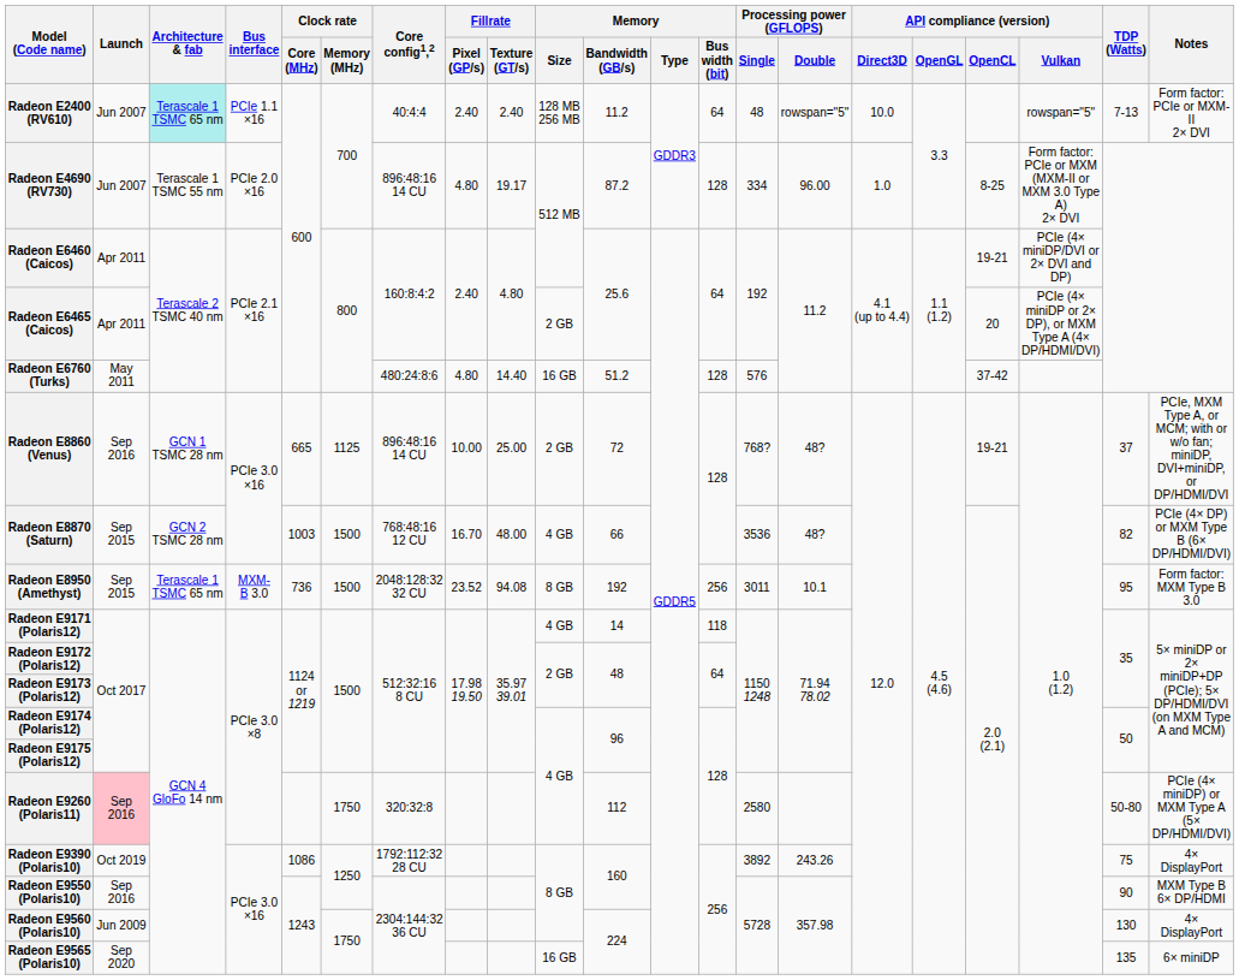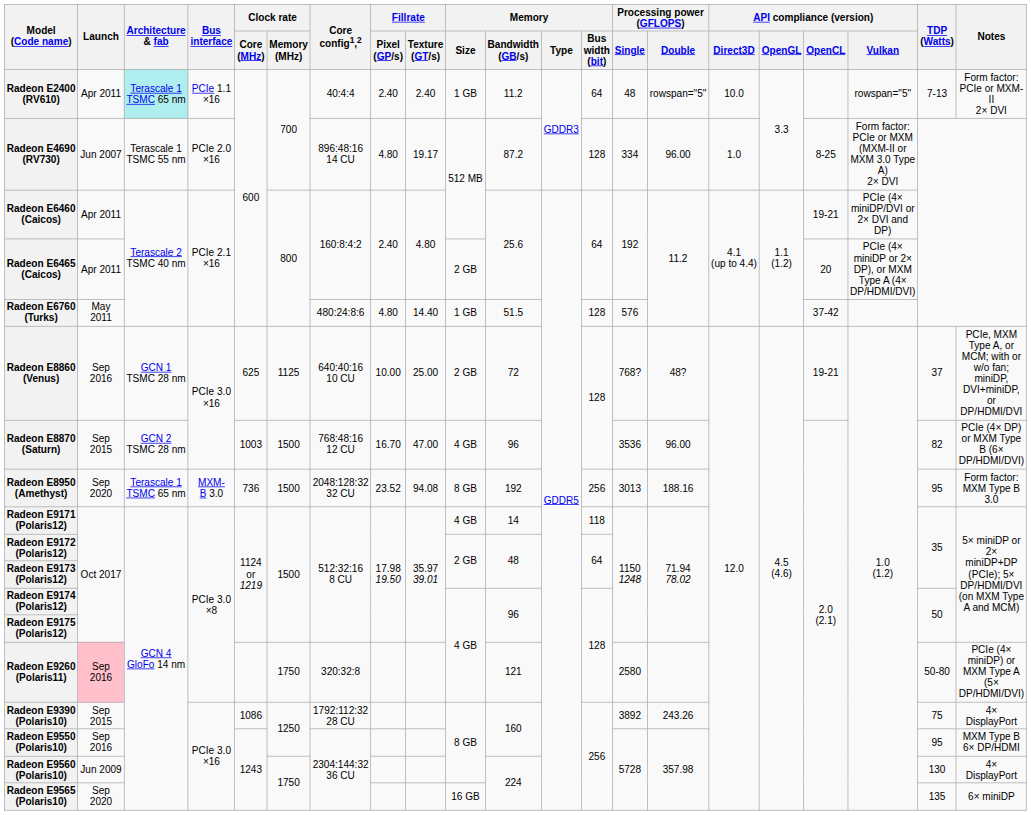 <table class="mw-datatable wikitable sortable sort-under" style="font-size: 85%; text-align:center;">
 <tr>
 <th rowspan="2" style="width:12em">Model<br>(<a href='#'>Code name</a>)</th>
 <th rowspan="2">Launch</th>
 <th rowspan="2"><a href='#'>Architecture</a><br>& <a href='#'>fab</a></th>
 <th rowspan="2"><a href='#'>Bus interface</a></th>
 <th colspan="2">Clock rate</th>
 <th rowspan="2">Core<br>config<sup>1</sup>,<sup>2</sup></th>
 <th colspan="2"><a href='#'>Fillrate</a></th>
 <th colspan="4">Memory</th>
 <th colspan="2">Processing power (<a href='#'>GFLOPS</a>)</th>
 <th colspan="4"><a href='#'>API</a> compliance (version)</th>
 <th rowspan="2"><a href='#'>TDP</a><br>(<a href='#'>Watts</a>)</th>
 <th rowspan="2">Notes</th>
 </tr>
 <tr>
 <th>Core<br>(<a href='#'>MHz</a>)</th>
 <th>Memory<br>(MHz)</th>
 <th>Pixel<br>(<a href='#'>GP</a>/s)</th>
 <th>Texture<br>(<a href='#'>GT</a>/s)</th>
 <th>Size</th>
 <th>Bandwidth<br>(<a href='#'>GB</a>/s)</th>
 <th>Type</th>
 <th>Bus width<br>(<a href='#'>bit</a>)</th>
 <th><a href='#'>Single</a></th>
 <th><a href='#'>Double</a></th>
 <th><a href='#'>Direct3D</a></th>
 <th><a href='#'>OpenGL</a></th>
 <th><a href='#'>OpenCL</a></th>
 <th><a href='#'>Vulkan</a></th>
 </tr>
 <tr>
 <th>Radeon E2400<br>(RV610)</th>
-<td>Jun 2007</td>
+<td>Apr 2011</td>
 <td style="background: paleturquoise;"><a href='#'>Terascale 1</a><br><a href='#'>TSMC</a> 65 nm</td>
 <td><a href='#'>PCIe</a> 1.1 ×16</td>
 <td rowspan="5">600</td>
 <td rowspan="2">700</td>
 <td>40:4:4</td>
 <td>2.40</td>
 <td>2.40</td>
-<td>128 MB<br>256 MB</td>
+<td>1 GB</td>
 <td>11.2</td>
 <td rowspan="2"><a href='#'>GDDR3</a></td>
 <td>64</td>
 <td>48</td>
 <td>rowspan="5" </td>
 <td>10.0</td>
 <td rowspan="2">3.3</td>
 <td></td>
 <td>rowspan="5" </td>
 <td>7-13</td>
 <td>Form factor: PCIe or MXM-II<br>2× DVI</td>
 </tr>
 <tr>
 <th>Radeon E4690<br>(RV730)</th>
 <td>Jun 2007</td>
 <td>Terascale 1<br>TSMC 55 nm</td>
 <td>PCIe 2.0 ×16</td>
 <td>896:48:16<br>14 CU</td>
 <td>4.80</td>
 <td>19.17</td>
 <td rowspan="2">512 MB</td>
 <td>87.2</td>
 <td>128</td>
 <td>334</td>
 <td>96.00</td>
 <td>1.0</td>
 <td>8-25</td>
 <td>Form factor: PCIe or MXM (MXM-II or MXM 3.0 Type A)<br>2× DVI</td>
 </tr>
 <tr>
 <th>Radeon E6460<br>(Caicos)</th>
 <td>Apr 2011</td>
 <td rowspan="3"><a href='#'>Terascale 2</a><br>TSMC 40 nm</td>
 <td rowspan="3">PCIe 2.1 ×16</td>
 <td rowspan="3">800</td>
 <td rowspan="2">160:8:4:2</td>
 <td rowspan="2">2.40</td>
 <td rowspan="2">4.80</td>
 <td rowspan="2">25.6</td>
 <td rowspan="16"><a href='#'>GDDR5</a></td>
 <td rowspan="2">64</td>
 <td rowspan="2">192</td>
 <td rowspan="3">11.2</td>
 <td rowspan="3">4.1<br>(up to 4.4)</td>
 <td rowspan="3">1.1<br>(1.2)</td>
 <td>19-21</td>
 <td>PCIe (4× miniDP/DVI or 2× DVI and DP)</td>
 </tr>
 <tr>
 <th>Radeon E6465<br>(Caicos)</th>
 <td>Apr 2011</td>
 <td>2 GB</td>
 <td>20</td>
 <td>PCIe (4× miniDP or 2× DP), or MXM Type A (4× DP/HDMI/DVI)</td>
 </tr>
 <tr>
 <th>Radeon E6760<br>(Turks)</th>
 <td>May 2011</td>
 <td>480:24:8:6</td>
 <td>4.80</td>
 <td>14.40</td>
-<td>16 GB</td>
-<td>51.2</td>
+<td>1 GB</td>
+<td>51.5</td>
 <td>128</td>
 <td>576</td>
 <td>37-42</td>
 <td></td>
 </tr>
 <tr>
 <th>Radeon E8860<br>(Venus)</th>
 <td>Sep 2016</td>
 <td><a href='#'>GCN 1</a><br>TSMC 28 nm</td>
 <td rowspan="2">PCIe 3.0 ×16</td>
-<td>665</td>
+<td>625</td>
 <td>1125</td>
-<td>896:48:16<br>14 CU</td>
+<td>640:40:16<br>10 CU</td>
 <td>10.00</td>
 <td>25.00</td>
 <td>2 GB</td>
 <td>72</td>
 <td rowspan="2">128</td>
 <td>768? </td>
 <td>48?</td>
 <td rowspan="13">12.0</td>
 <td rowspan="13">4.5<br>(4.6)</td>
 <td>19-21</td>
 <td rowspan="13">1.0<br>(1.2)</td>
 <td>37</td>
 <td>PCIe, MXM Type A, or MCM; with or w/o fan; miniDP, DVI+miniDP, or DP/HDMI/DVI</td>
 </tr>
 <tr>
 <th>Radeon E8870<br>(Saturn)</th>
 <td>Sep 2015</td>
 <td><a href='#'>GCN 2</a><br>TSMC 28 nm</td>
 <td>1003</td>
 <td>1500</td>
 <td>768:48:16<br>12 CU</td>
 <td>16.70</td>
-<td>48.00</td>
+<td>47.00</td>
 <td>4 GB</td>
-<td>66</td>
+<td>96</td>
 <td>3536</td>
-<td>48?</td>
+<td>96.00</td>
 <td rowspan="12">2.0<br>(2.1)</td>
 <td>82</td>
 <td>PCIe (4× DP) or MXM Type B (6× DP/HDMI/DVI)</td>
 </tr>
 <tr>
 <th>Radeon E8950<br>(Amethyst)</th>
-<td>Sep 2015</td>
+<td>Sep 2020</td>
 <td><a href='#'>Terascale 1</a><br><a href='#'>TSMC</a> 65 nm</td>
 <td><a href='#'>MXM-B</a> 3.0</td>
 <td>736</td>
 <td>1500</td>
 <td>2048:128:32<br>32 CU</td>
 <td>23.52</td>
 <td>94.08</td>
 <td>8 GB</td>
 <td>192</td>
 <td>256</td>
-<td>3011</td>
-<td>10.1</td>
+<td>3013</td>
+<td>188.16</td>
 <td>95</td>
 <td>Form factor: MXM Type B 3.0</td>
 </tr>
 <tr>
 <th>Radeon E9171<br>(Polaris12)</th>
 <td rowspan="5">Oct 2017</td>
 <td rowspan="10"><a href='#'>GCN 4</a><br><a href='#'>GloFo</a> 14 nm</td>
 <td rowspan="6">PCIe 3.0 ×8</td>
 <td rowspan="5">1124<br>or<br><em>1219</em></td>
 <td rowspan="5">1500</td>
 <td rowspan="5">512:32:16<br>8 CU</td>
 <td rowspan="5">17.98<br><em>19.50</em></td>
 <td rowspan="5">35.97<br><em>39.01</em></td>
 <td>4 GB</td>
 <td>14</td>
 <td>118</td>
 <td rowspan="5">1150<br><em>1248</em></td>
 <td rowspan="5">71.94<br><em>78.02</em></td>
 <td rowspan="3">35</td>
 <td rowspan="5">5× miniDP or 2× miniDP+DP (PCIe); 5× DP/HDMI/DVI (on MXM Type A and MCM)</td>
 </tr>
 <tr>
 <th>Radeon E9172<br>(Polaris12)</th>
 <td rowspan="2">2 GB</td>
 <td rowspan="2">48</td>
 <td rowspan="2">64</td>
 </tr>
 <tr>
 <th>Radeon E9173<br>(Polaris12)</th>
 </tr>
 <tr>
 <th>Radeon E9174<br>(Polaris12)</th>
 <td rowspan="3">4 GB</td>
 <td rowspan="2">96</td>
 <td rowspan="3">128</td>
 <td rowspan="2">50</td>
 </tr>
 <tr>
 <th>Radeon E9175<br>(Polaris12)</th>
 </tr>
 <tr>
 <th>Radeon E9260<br>(Polaris11)</th>
 <td style="background: pink;">Sep 2016</td>
 <td></td>
 <td>1750</td>
 <td>320:32:8</td>
 <td></td>
 <td></td>
-<td>112</td>
+<td>121</td>
 <td>2580</td>
 <td></td>
 <td>50-80</td>
 <td>PCIe (4× miniDP) or MXM Type A (5× DP/HDMI/DVI)</td>
 </tr>
 <tr>
 <th>Radeon E9390<br>(Polaris10)</th>
-<td>Oct 2019</td>
+<td>Sep 2015</td>
 <td rowspan="4">PCIe 3.0 ×16</td>
 <td>1086</td>
 <td rowspan="2">1250</td>
 <td>1792:112:32<br>28 CU</td>
 <td></td>
 <td></td>
 <td rowspan="3">8 GB</td>
 <td rowspan="2">160</td>
 <td rowspan="4">256</td>
 <td>3892</td>
 <td>243.26</td>
 <td>75</td>
 <td>4× DisplayPort</td>
 </tr>
 <tr>
 <th>Radeon E9550<br>(Polaris10)</th>
 <td>Sep 2016</td>
 <td rowspan="3">1243</td>
 <td rowspan="3">2304:144:32<br>36 CU</td>
 <td></td>
 <td></td>
 <td rowspan="3">5728</td>
 <td rowspan="3">357.98</td>
-<td>90</td>
+<td>95</td>
 <td>MXM Type B<br>6× DP/HDMI</td>
 </tr>
 <tr>
 <th>Radeon E9560<br>(Polaris10)</th>
 <td>Jun 2009</td>
 <td rowspan="2">1750</td>
 <td></td>
 <td></td>
 <td rowspan="2">224</td>
 <td>130</td>
 <td>4× DisplayPort</td>
 </tr>
 <tr>
 <th>Radeon E9565<br>(Polaris10)</th>
 <td>Sep 2020</td>
 <td></td>
 <td></td>
 <td>16 GB</td>
 <td>135</td>
 <td>6× miniDP</td>
 </tr>
 </table>
